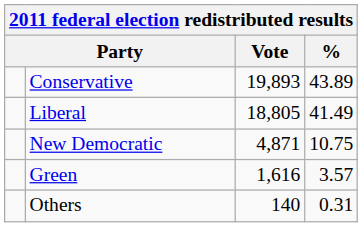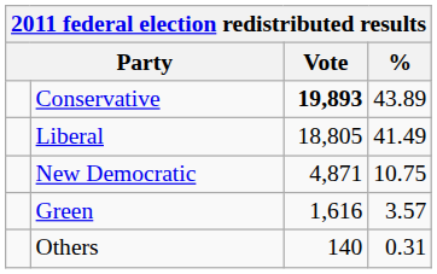 <table class="wikitable">
 <tr>
 <th colspan="4"><a href='#'>2011 federal election</a> redistributed results</th>
 </tr>
 <tr>
 <th bgcolor="#DDDDFF" width="130px" colspan="2">Party</th>
 <th bgcolor="#DDDDFF" width="50px">Vote</th>
 <th bgcolor="#DDDDFF" width="30px">%</th>
 </tr>
 <tr>
 <td> </td>
 <td><a href='#'>Conservative</a></td>
-<td align=right>19,893</td>
+<td align=right><strong>19,893</strong></td>
 <td align=right>43.89</td>
 </tr>
 <tr>
 <td> </td>
 <td><a href='#'>Liberal</a></td>
 <td align=right>18,805</td>
 <td align=right>41.49</td>
 </tr>
 <tr>
 <td> </td>
 <td><a href='#'>New Democratic</a></td>
 <td align=right>4,871</td>
 <td align=right>10.75</td>
 </tr>
 <tr>
 <td> </td>
 <td><a href='#'>Green</a></td>
 <td align=right>1,616</td>
 <td align=right>3.57</td>
 </tr>
 <tr>
 <td> </td>
 <td>Others</td>
 <td align=right>140</td>
 <td align=right>0.31</td>
 </tr>
 </table>
